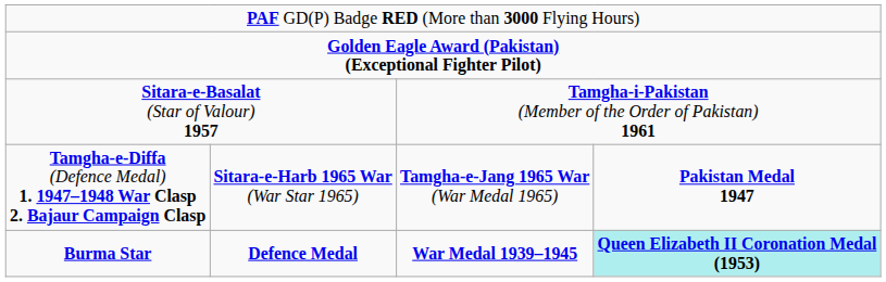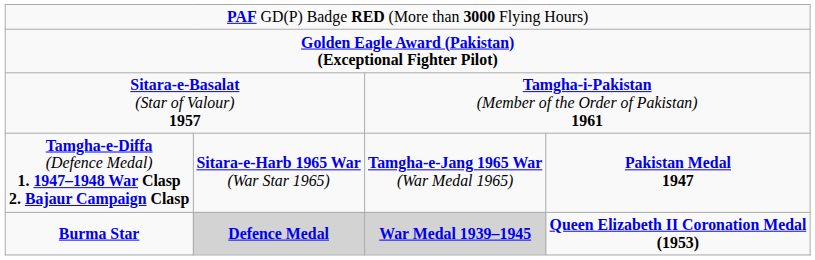 <table class="wikitable" style="margin:1em auto; text-align:center;">
 <tr>
 <td colspan="5"><strong><a href='#'>PAF</a></strong> GD(P) Badge <strong>RED</strong> (More than <strong>3000</strong> Flying Hours)</td>
 </tr>
 <tr>
 <td colspan="5"><strong><a href='#'>Golden Eagle Award (Pakistan)</a></strong><br><strong>(Exceptional Fighter Pilot)</strong></td>
 </tr>
 <tr>
 <td colspan="2"><strong><a href='#'>Sitara-e-Basalat</a></strong><br><em>(Star of Valour)</em><br><strong>1957</strong></td>
 <td colspan="2"><strong><a href='#'>Tamgha-i-Pakistan</a></strong><br><em>(Member of the Order of Pakistan)</em><br><strong>1961</strong></td>
 </tr>
 <tr>
 <td><strong><a href='#'>Tamgha-e-Diffa</a></strong><br><em>(Defence Medal)</em><br><strong>1. <a href='#'>1947–1948 War</a> Clasp</strong><br><strong>2. <a href='#'>Bajaur Campaign</a> Clasp</strong></td>
 <td><strong><a href='#'>Sitara-e-Harb 1965 War</a></strong><br><em>(War Star 1965)</em></td>
 <td><strong><a href='#'>Tamgha-e-Jang 1965 War</a></strong><br><em>(War Medal 1965)</em></td>
 <td><strong><a href='#'>Pakistan Medal</a></strong><br><strong>1947</strong></td>
 </tr>
 <tr>
 <td><strong><a href='#'>Burma Star</a></strong></td>
-<td><strong><a href='#'>Defence Medal</a></strong></td>
-<td><strong><a href='#'>War Medal 1939–1945</a></strong></td>
-<td style="background: paleturquoise;"><strong><a href='#'>Queen Elizabeth II Coronation Medal</a></strong><br><strong>(1953)</strong></td>
+<td style="background: lightgrey;"><strong><a href='#'>Defence Medal</a></strong></td>
+<td style="background: lightgrey;"><strong><a href='#'>War Medal 1939–1945</a></strong></td>
+<td><strong><a href='#'>Queen Elizabeth II Coronation Medal</a></strong><br><strong>(1953)</strong></td>
 </tr>
 </table>
